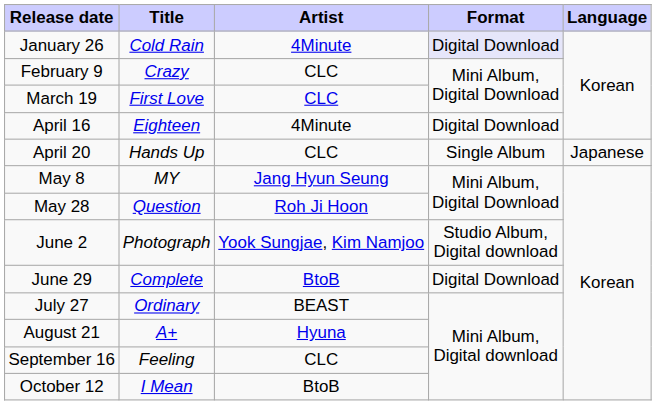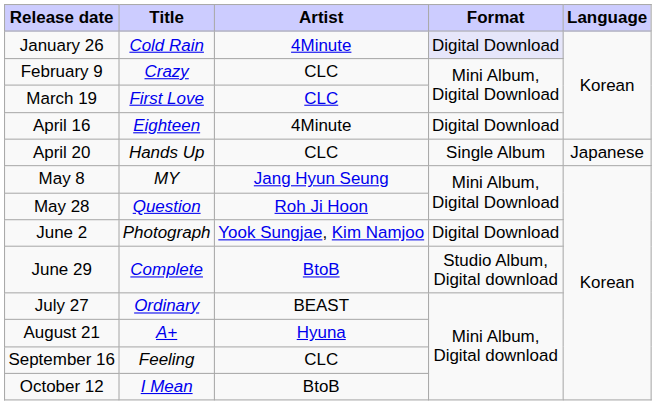 <table class="wikitable sortable" style="text-align:center">
 <tr>
 <th style="background:#CCF;">Release date</th>
 <th style="background:#CCF;">Title</th>
 <th style="background:#CCF;">Artist</th>
 <th style="background:#CCF;">Format</th>
 <th style="background:#CCF;">Language</th>
 </tr>
 <tr>
 <td>January 26</td>
 <td><em><a href='#'>Cold Rain</a></em></td>
 <td><a href='#'>4Minute</a></td>
 <td style="background: lavender;">Digital Download</td>
 <td rowspan="4">Korean</td>
 </tr>
 <tr>
 <td>February 9</td>
 <td><em><a href='#'>Crazy</a></em></td>
 <td>CLC</td>
 <td rowspan="2">Mini Album,<br>Digital Download</td>
 </tr>
 <tr>
 <td>March 19</td>
 <td><em><a href='#'>First Love</a></em></td>
 <td><a href='#'>CLC</a></td>
 </tr>
 <tr>
 <td>April 16</td>
 <td><em><a href='#'>Eighteen</a></em></td>
 <td>4Minute</td>
 <td>Digital Download</td>
 </tr>
 <tr>
 <td>April 20</td>
 <td><em>Hands Up</em></td>
 <td>CLC</td>
 <td>Single Album</td>
 <td>Japanese</td>
 </tr>
 <tr>
 <td>May 8</td>
 <td><em>MY</em></td>
 <td><a href='#'>Jang Hyun Seung</a></td>
 <td rowspan="2">Mini Album,<br>Digital Download</td>
 <td rowspan="8">Korean</td>
 </tr>
 <tr>
 <td>May 28</td>
 <td><em><a href='#'>Question</a></em></td>
 <td><a href='#'>Roh Ji Hoon</a></td>
 </tr>
 <tr>
 <td>June 2</td>
 <td><em>Photograph</em></td>
 <td><a href='#'>Yook Sungjae</a>, <a href='#'>Kim Namjoo</a></td>
-<td>Studio Album,<br>Digital download</td>
+<td>Digital Download</td>
 </tr>
 <tr>
 <td>June 29</td>
 <td><em><a href='#'>Complete</a></em></td>
 <td><a href='#'>BtoB</a></td>
-<td>Digital Download</td>
+<td>Studio Album,<br>Digital download</td>
 </tr>
 <tr>
 <td>July 27</td>
 <td><em><a href='#'>Ordinary</a></em></td>
 <td>BEAST</td>
 <td rowspan="4">Mini Album,<br>Digital download</td>
 </tr>
 <tr>
 <td>August 21</td>
 <td><em><a href='#'>A+</a></em></td>
 <td><a href='#'>Hyuna</a></td>
 </tr>
 <tr>
 <td>September 16</td>
 <td><em>Feeling</em></td>
 <td>CLC</td>
 </tr>
 <tr>
 <td>October 12</td>
 <td><em><a href='#'>I Mean</a></em></td>
 <td>BtoB</td>
 </tr>
 </table>
